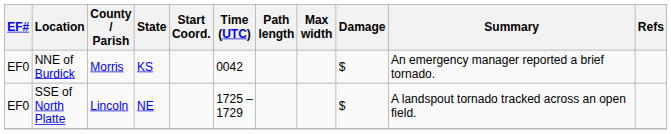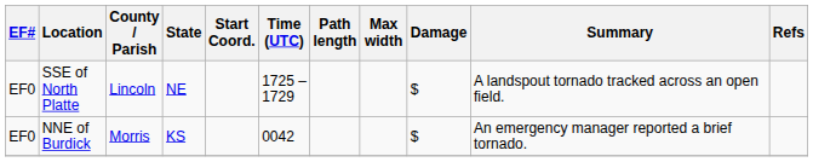 <table class="wikitable sortable" style="width:100%;">
 <tr>
 <th scope="col" width="3%" align="center"><a href='#'>EF#</a></th>
 <th scope="col" width="7%" align="center" class="unsortable">Location</th>
 <th scope="col" width="6%" align="center" class="unsortable">County / Parish</th>
 <th scope="col" width="5%" align="center">State</th>
 <th scope="col" width="6%" align="center">Start Coord.</th>
 <th scope="col" width="6%" align="center">Time (<a href='#'>UTC</a>)</th>
 <th scope="col" width="6%" align="center">Path length</th>
 <th scope="col" width="6%" align="center">Max width</th>
 <th scope="col" width="6%" align="center">Damage</th>
 <th scope="col" width="48%" class="unsortable" align="center">Summary</th>
 <th scope="col" width="48%" class="unsortable" align="center">Refs</th>
 </tr>
 <tr>
 <td>EF0</td>
+<td>SSE of <a href='#'>North Platte</a></td>
+<td><a href='#'>Lincoln</a></td>
+<td><a href='#'>NE</a></td>
+<td></td>
+<td>1725 – 1729</td>
+<td></td>
+<td></td>
+<td>$</td>
+<td>A landspout tornado tracked across an open field.</td>
+<td></td>
+</tr>
+<tr>
+<td>EF0</td>
 <td>NNE of <a href='#'>Burdick</a></td>
 <td><a href='#'>Morris</a></td>
 <td><a href='#'>KS</a></td>
 <td></td>
 <td>0042</td>
 <td></td>
 <td></td>
 <td>$</td>
 <td>An emergency manager reported a brief tornado.</td>
 <td></td>
 </tr>
 <tr>
-<td>EF0</td>
-<td>SSE of <a href='#'>North Platte</a></td>
-<td><a href='#'>Lincoln</a></td>
-<td><a href='#'>NE</a></td>
-<td></td>
-<td>1725 – 1729</td>
-<td></td>
-<td></td>
-<td>$</td>
-<td>A landspout tornado tracked across an open field.</td>
-<td></td>
-</tr>
-<tr>
 </tr>
 </table>
